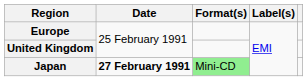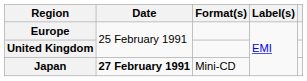 <table class="wikitable plainrowheaders">
 <tr>
 <th scope="col">Region</th>
 <th scope="col">Date</th>
 <th scope="col">Format(s)</th>
 <th scope="col">Label(s)</th>
 <th scope="col"></th>
 </tr>
 <tr>
 <th scope="row">Europe</th>
 <td rowspan="2">25 February 1991</td>
 <td></td>
 <td rowspan="3"><a href='#'>EMI</a></td>
 <td></td>
 </tr>
 <tr>
 <th scope="row">United Kingdom</th>
 <td></td>
 <td></td>
 </tr>
 <tr>
 <th scope="row">Japan</th>
 <td><strong>27 February 1991</strong></td>
-<td style="background: lightgreen;">Mini-CD</td>
+<td>Mini-CD</td>
 <td></td>
 </tr>
 </table>
